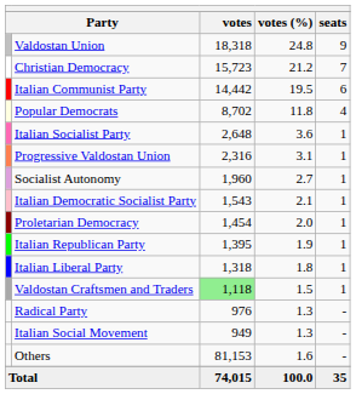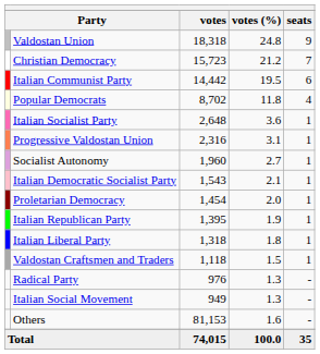 <table class="wikitable" style="font-size:95%">
 <tr>
 <th colspan=5></th>
 </tr>
 <tr>
 </tr>
 <tr bgcolor="EFEFEF">
 <th colspan=2>Party</th>
 <th>      votes</th>
 <th>votes (%)</th>
 <th>seats</th>
 </tr>
 <tr>
 <td bgcolor=Silver></td>
 <td><a href='#'>Valdostan Union</a></td>
 <td align=right>18,318</td>
 <td align=right>24.8</td>
 <td align=right>9</td>
 </tr>
 <tr>
 <td bgcolor=White></td>
 <td><a href='#'>Christian Democracy</a></td>
 <td align=right>15,723</td>
 <td align=right>21.2</td>
 <td align=right>7</td>
 </tr>
 <tr>
 <td bgcolor=Red></td>
 <td><a href='#'>Italian Communist Party</a></td>
 <td align=right>14,442</td>
 <td align=right>19.5</td>
 <td align=right>6</td>
 </tr>
 <tr>
 <td bgcolor=Lightyellow></td>
 <td><a href='#'>Popular Democrats</a></td>
 <td align=right>8,702</td>
 <td align=right>11.8</td>
 <td align=right>4</td>
 </tr>
 <tr>
 <td bgcolor=Hotpink></td>
 <td><a href='#'>Italian Socialist Party</a></td>
 <td align=right>2,648</td>
 <td align=right>3.6</td>
 <td align=right>1</td>
 </tr>
 <tr>
 <td bgcolor=Coral></td>
 <td><a href='#'>Progressive Valdostan Union</a></td>
 <td align=right>2,316</td>
 <td align=right>3.1</td>
 <td align=right>1</td>
 </tr>
 <tr>
 <td bgcolor=Plum></td>
 <td>Socialist Autonomy</td>
 <td align=right>1,960</td>
 <td align=right>2.7</td>
 <td align=right>1</td>
 </tr>
 <tr>
 <td bgcolor=Pink></td>
 <td><a href='#'>Italian Democratic Socialist Party</a></td>
 <td align=right>1,543</td>
 <td align=right>2.1</td>
 <td align=right>1</td>
 </tr>
 <tr>
 <td bgcolor=Darkred></td>
 <td><a href='#'>Proletarian Democracy</a></td>
 <td align=right>1,454</td>
 <td align=right>2.0</td>
 <td align=right>1</td>
 </tr>
 <tr>
 <td bgcolor=Lime></td>
 <td><a href='#'>Italian Republican Party</a></td>
 <td align=right>1,395</td>
 <td align=right>1.9</td>
 <td align=right>1</td>
 </tr>
 <tr>
 <td bgcolor=Blue></td>
 <td><a href='#'>Italian Liberal Party</a></td>
 <td align=right>1,318</td>
 <td align=right>1.8</td>
 <td align=right>1</td>
 </tr>
 <tr>
 <td bgcolor=Darkgray></td>
 <td><a href='#'>Valdostan Craftsmen and Traders</a></td>
-<td align=right style="background: lightgreen;">1,118</td>
+<td align=right>1,118</td>
 <td align=right>1.5</td>
 <td align=right>1</td>
 </tr>
 <tr>
 <td bgcolor=></td>
 <td><a href='#'>Radical Party</a></td>
 <td align=right>976</td>
 <td align=right>1.3</td>
 <td align=right>-</td>
 </tr>
 <tr>
 <td bgcolor=></td>
 <td><a href='#'>Italian Social Movement</a></td>
 <td align=right>949</td>
 <td align=right>1.3</td>
 <td align=right>-</td>
 </tr>
 <tr>
 <td bgcolor=></td>
 <td>Others</td>
 <td align=right>81,153</td>
 <td align=right>1.6</td>
 <td align=right>-</td>
 </tr>
 <tr>
 </tr>
 <tr bgcolor="EFEFEF">
 <td colspan=2><strong>Total</strong></td>
 <td align=right><strong>74,015</strong></td>
 <td align=right><strong>100.0</strong></td>
 <td align=right><strong>35</strong></td>
 </tr>
 </table>
